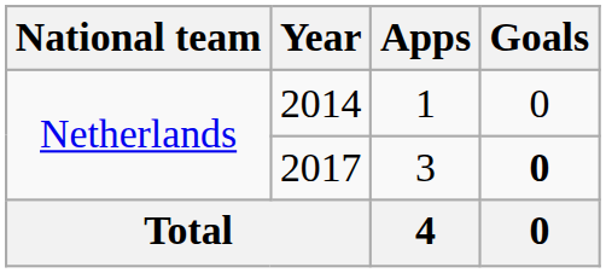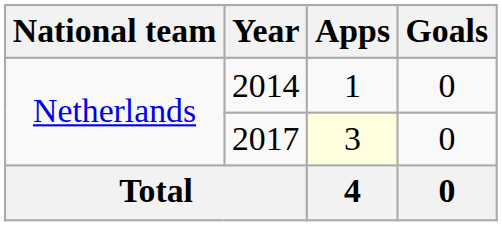 <table class="wikitable" style="text-align:center">
 <tr>
 <th>National team</th>
 <th>Year</th>
 <th>Apps</th>
 <th>Goals</th>
 </tr>
 <tr>
 <td rowspan="2"><a href='#'>Netherlands</a></td>
 <td>2014</td>
 <td>1</td>
 <td>0</td>
 </tr>
 <tr>
 <td>2017</td>
-<td>3</td>
-<td><strong>0</strong></td>
+<td style="background: lightyellow;">3</td>
+<td>0</td>
 </tr>
 <tr>
 <th colspan="2">Total</th>
 <th>4</th>
 <th>0</th>
 </tr>
 </table>
